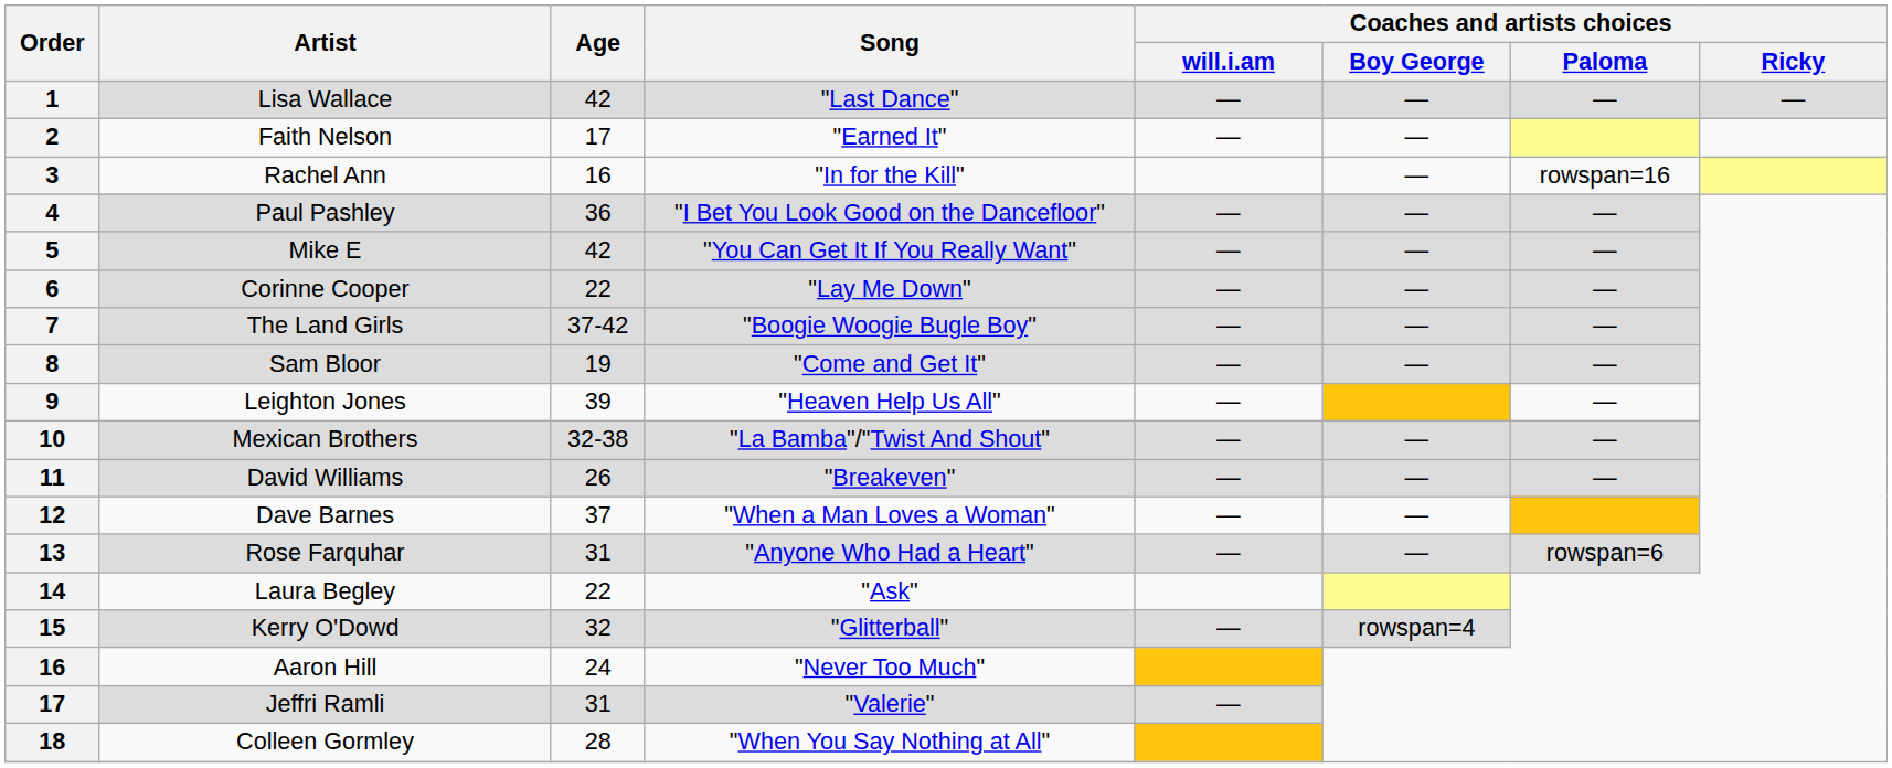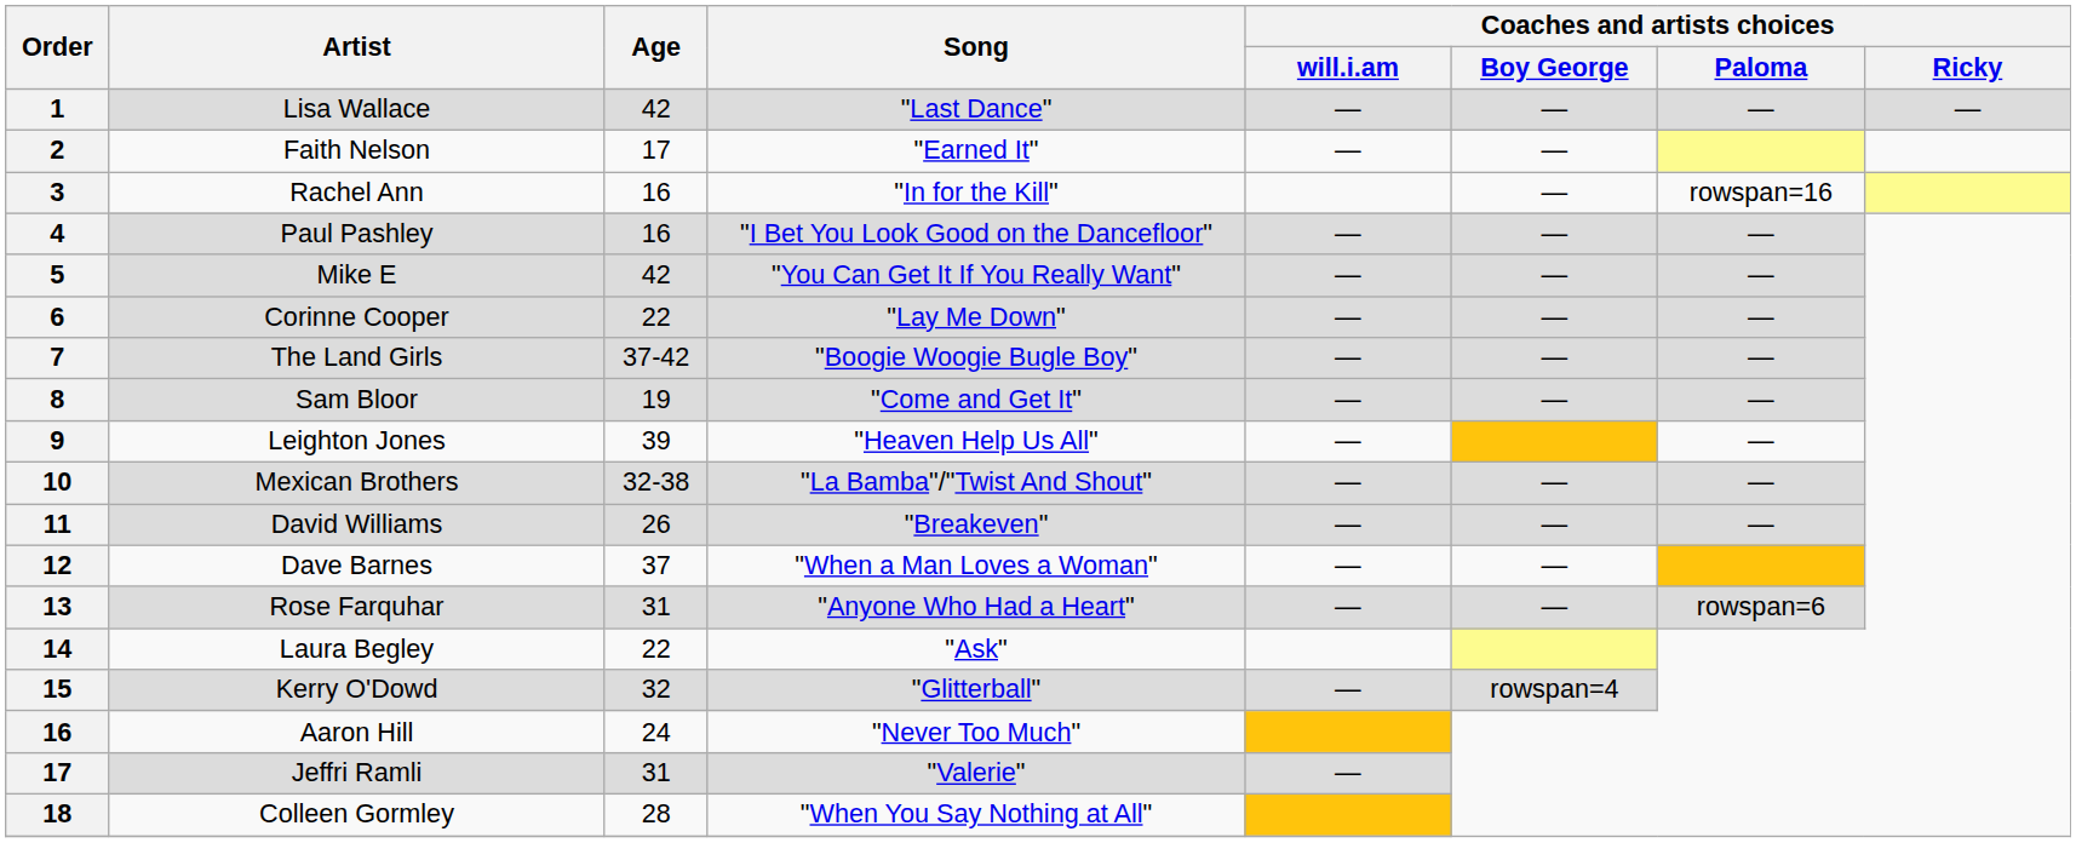 <table class="wikitable" style="text-align:center; width:100%;">
 <tr>
 <th scope="col" rowspan="2" style="width:05%;">Order</th>
 <th scope="col" rowspan="2" style="width:24%;">Artist</th>
 <th scope="col" rowspan="2" style="width:05%;">Age</th>
 <th scope="col" rowspan="2" style="width:26%;">Song</th>
 <th colspan="4" style="width:40%;">Coaches and artists choices</th>
 </tr>
 <tr>
 <th style="width:10%;"><a href='#'>will.i.am</a></th>
 <th style="width:10%;"><a href='#'>Boy George</a></th>
 <th style="width:10%;"><a href='#'>Paloma</a></th>
 <th style="width:10%;"><a href='#'>Ricky</a></th>
 </tr>
 <tr style="background:#DCDCDC">
 <th scope="col">1</th>
 <td style="background:#DCDCDC;">Lisa Wallace</td>
 <td style="background:#DCDCDC; text-align:center;">42</td>
 <td style="background:#DCDCDC; text-align:center;">"<a href='#'>Last Dance</a>"</td>
 <td>—</td>
 <td>—</td>
 <td>—</td>
 <td>—</td>
 </tr>
 <tr>
 <th scope="col">2</th>
 <td>Faith Nelson</td>
 <td>17</td>
 <td>"<a href='#'>Earned It</a>"</td>
 <td>—</td>
 <td>—</td>
 <td style="background:#fdfc8f;"><strong></strong></td>
 <td><strong></strong></td>
 </tr>
 <tr>
 <th scope="col">3</th>
 <td>Rachel Ann</td>
 <td>16</td>
 <td>"<a href='#'>In for the Kill</a>"</td>
 <td><strong></strong></td>
 <td>—</td>
 <td>rowspan=16 </td>
 <td style="background:#fdfc8f;"><strong></strong></td>
 </tr>
 <tr style="background:#DCDCDC">
 <th scope="col">4</th>
 <td style="background:#DCDCDC;">Paul Pashley</td>
-<td style="background:#DCDCDC; text-align:center;">36</td>
+<td style="background:#DCDCDC; text-align:center;">16</td>
 <td style="background:#DCDCDC; text-align:center;">"<a href='#'>I Bet You Look Good on the Dancefloor</a>"</td>
 <td>—</td>
 <td>—</td>
 <td>—</td>
 </tr>
 <tr style="background:#DCDCDC">
 <th scope="col">5</th>
 <td style="background:#DCDCDC;">Mike E</td>
 <td style="background:#DCDCDC; text-align:center;">42</td>
 <td style="background:#DCDCDC; text-align:center;">"<a href='#'>You Can Get It If You Really Want</a>"</td>
 <td>—</td>
 <td>—</td>
 <td>—</td>
 </tr>
 <tr style="background:#DCDCDC">
 <th scope="col">6</th>
 <td style="background:#DCDCDC;">Corinne Cooper</td>
 <td style="background:#DCDCDC; text-align:center;">22</td>
 <td style="background:#DCDCDC; text-align:center;">"<a href='#'>Lay Me Down</a>"</td>
 <td>—</td>
 <td>—</td>
 <td>—</td>
 </tr>
 <tr style="background:#DCDCDC">
 <th scope="col">7</th>
 <td style="background:#DCDCDC;">The Land Girls</td>
 <td style="background:#DCDCDC; text-align:center;">37-42</td>
 <td style="background:#DCDCDC; text-align:center;">"<a href='#'>Boogie Woogie Bugle Boy</a>"</td>
 <td>—</td>
 <td>—</td>
 <td>—</td>
 </tr>
 <tr style="background:#DCDCDC">
 <th scope="col">8</th>
 <td style="background:#DCDCDC;">Sam Bloor</td>
 <td style="background:#DCDCDC; text-align:center;">19</td>
 <td style="background:#DCDCDC; text-align:center;">"<a href='#'>Come and Get It</a>"</td>
 <td>—</td>
 <td>—</td>
 <td>—</td>
 </tr>
 <tr>
 <th scope="col">9</th>
 <td>Leighton Jones</td>
 <td>39</td>
 <td>"<a href='#'>Heaven Help Us All</a>"</td>
 <td>—</td>
 <td style="background:#FFC40C;text-align:center;"><strong></strong></td>
 <td>—</td>
 </tr>
 <tr style="background:#DCDCDC">
 <th scope="col">10</th>
 <td style="background:#DCDCDC;">Mexican Brothers</td>
 <td style="background:#DCDCDC; text-align:center;">32-38</td>
 <td style="background:#DCDCDC; text-align:center;">"<a href='#'>La Bamba</a>"/"<a href='#'>Twist And Shout</a>"</td>
 <td>—</td>
 <td>—</td>
 <td>—</td>
 </tr>
 <tr style="background:#DCDCDC">
 <th scope="col">11</th>
 <td style="background:#DCDCDC;">David Williams</td>
 <td style="background:#DCDCDC; text-align:center;">26</td>
 <td style="background:#DCDCDC; text-align:center;">"<a href='#'>Breakeven</a>"</td>
 <td>—</td>
 <td>—</td>
 <td>—</td>
 </tr>
 <tr>
 <th scope="col">12</th>
 <td>Dave Barnes</td>
 <td>37</td>
 <td>"<a href='#'>When a Man Loves a Woman</a>"</td>
 <td>—</td>
 <td>—</td>
 <td style="background:#FFC40C;text-align:center;"><strong></strong></td>
 </tr>
 <tr style="background:#DCDCDC">
 <th scope="col">13</th>
 <td style="background:#DCDCDC;">Rose Farquhar</td>
 <td style="background:#DCDCDC; text-align:center;">31</td>
 <td style="background:#DCDCDC; text-align:center;">"<a href='#'>Anyone Who Had a Heart</a>"</td>
 <td>—</td>
 <td>—</td>
 <td>rowspan=6 </td>
 </tr>
 <tr>
 <th scope="col">14</th>
 <td>Laura Begley</td>
 <td>22</td>
 <td>"<a href='#'>Ask</a>"</td>
 <td><strong></strong></td>
 <td style="background:#fdfc8f;"><strong></strong></td>
 </tr>
 <tr style="background:#DCDCDC">
 <th scope="col">15</th>
 <td style="background:#DCDCDC;">Kerry O'Dowd</td>
 <td style="background:#DCDCDC; text-align:center;">32</td>
 <td style="background:#DCDCDC; text-align:center;">"<a href='#'>Glitterball</a>"</td>
 <td>—</td>
 <td>rowspan=4 </td>
 </tr>
 <tr>
 <th scope="col">16</th>
 <td>Aaron Hill</td>
 <td>24</td>
 <td>"<a href='#'>Never Too Much</a>"</td>
 <td style="background:#FFC40C;text-align:center;"><strong></strong></td>
 </tr>
 <tr style="background:#DCDCDC">
 <th scope="col">17</th>
 <td style="background:#DCDCDC;">Jeffri Ramli</td>
 <td style="background:#DCDCDC; text-align:center;">31</td>
 <td style="background:#DCDCDC; text-align:center;">"<a href='#'>Valerie</a>"</td>
 <td>—</td>
 </tr>
 <tr>
 <th scope="col">18</th>
 <td>Colleen Gormley</td>
 <td>28</td>
 <td>"<a href='#'>When You Say Nothing at All</a>"</td>
 <td style="background:#FFC40C;text-align:center;"><strong></strong></td>
 </tr>
 <tr>
 </tr>
 </table>
